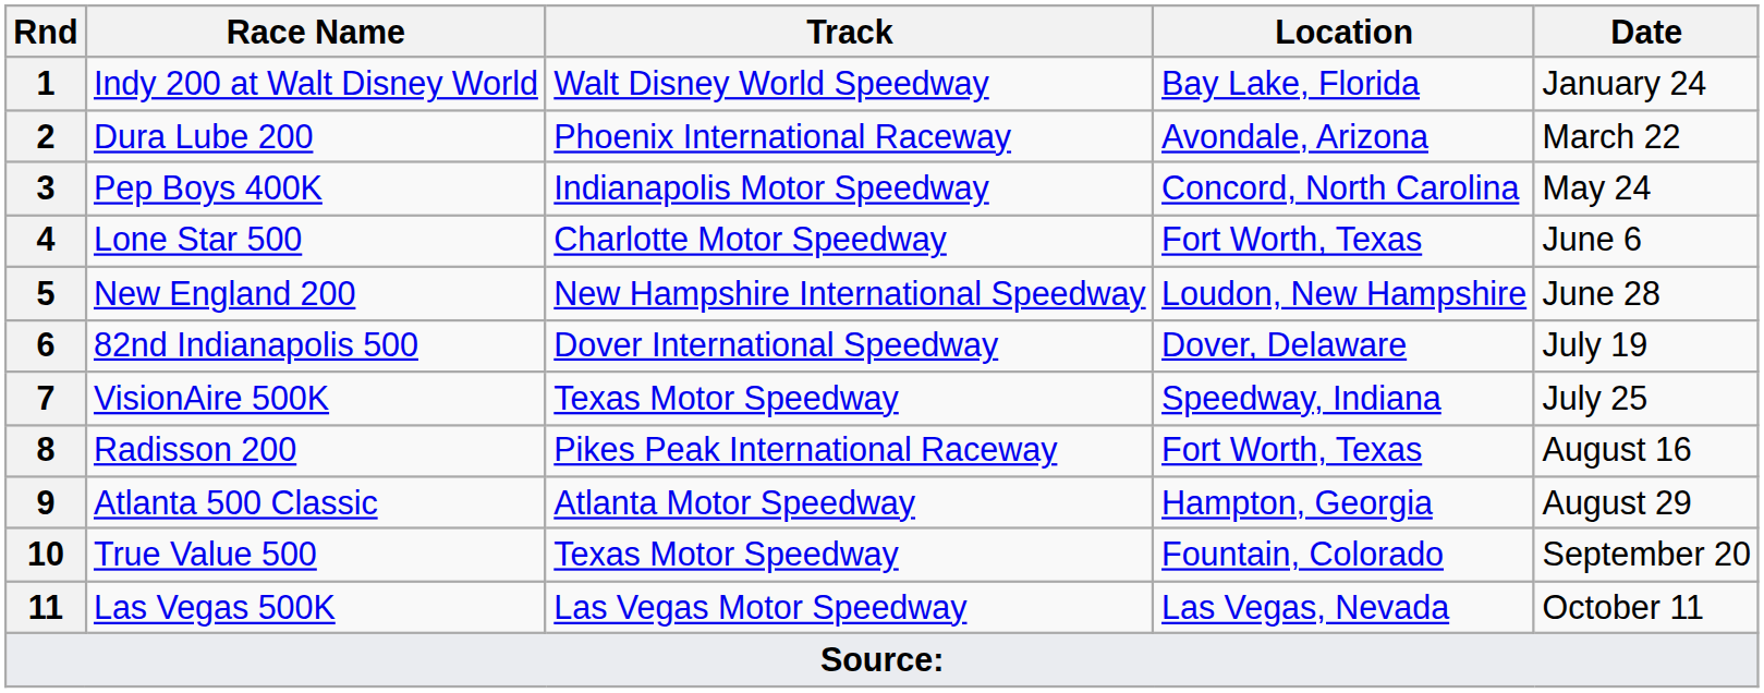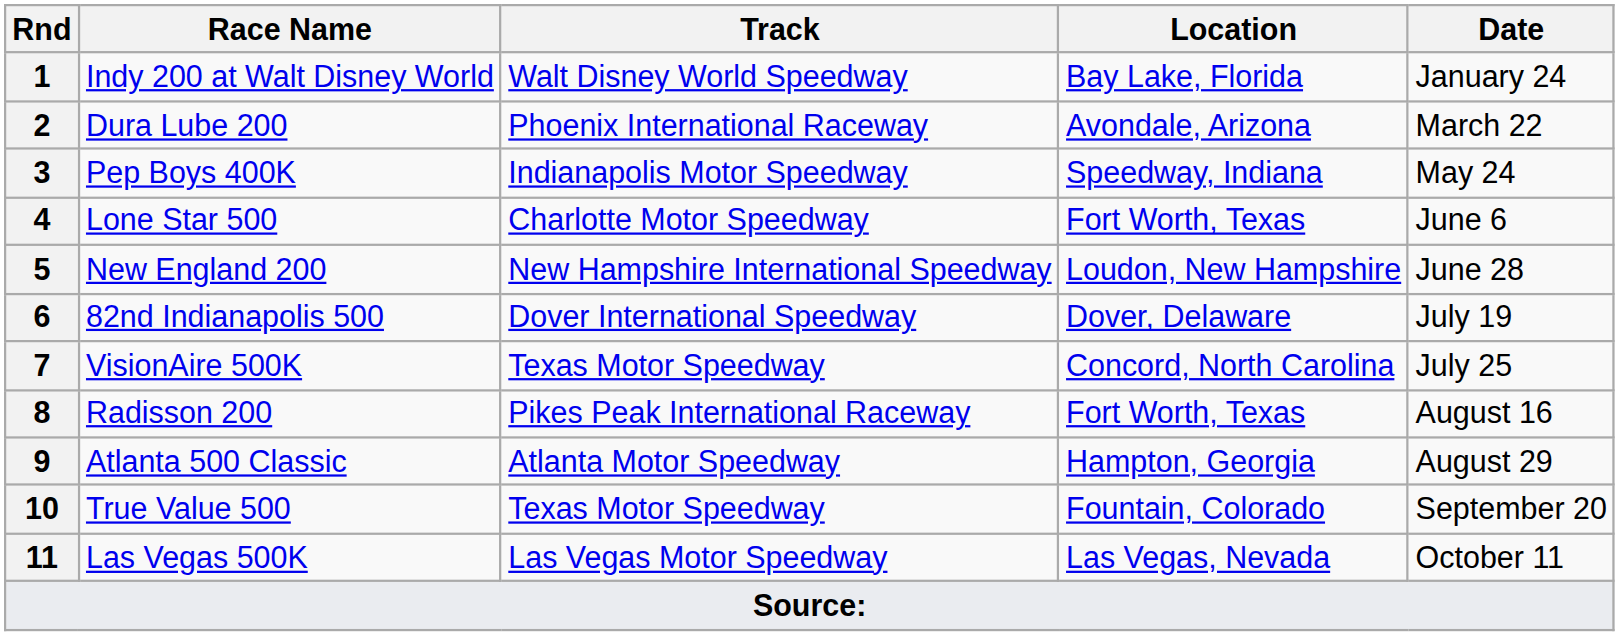 <table class="wikitable" style="font-size: 85%">
 <tr>
 <th>Rnd</th>
 <th>Race Name</th>
 <th>Track</th>
 <th>Location</th>
 <th>Date</th>
 </tr>
 <tr>
 <th>1</th>
 <td><a href='#'>Indy 200 at Walt Disney World</a></td>
 <td><a href='#'>Walt Disney World Speedway</a></td>
 <td><a href='#'>Bay Lake, Florida</a></td>
 <td>January 24</td>
 </tr>
 <tr>
 <th>2</th>
 <td><a href='#'>Dura Lube 200</a></td>
 <td><a href='#'>Phoenix International Raceway</a></td>
 <td><a href='#'>Avondale, Arizona</a></td>
 <td>March 22</td>
 </tr>
 <tr>
 <th>3</th>
 <td><a href='#'>Pep Boys 400K</a></td>
 <td><a href='#'>Indianapolis Motor Speedway</a></td>
-<td><a href='#'>Concord, North Carolina</a></td>
+<td><a href='#'>Speedway, Indiana</a></td>
 <td>May 24</td>
 </tr>
 <tr>
 <th>4</th>
 <td><a href='#'>Lone Star 500</a></td>
 <td><a href='#'>Charlotte Motor Speedway</a></td>
 <td><a href='#'>Fort Worth, Texas</a></td>
 <td>June 6</td>
 </tr>
 <tr>
 <th>5</th>
 <td><a href='#'>New England 200</a></td>
 <td><a href='#'>New Hampshire International Speedway</a></td>
 <td><a href='#'>Loudon, New Hampshire</a></td>
 <td>June 28</td>
 </tr>
 <tr>
 <th>6</th>
 <td><a href='#'>82nd Indianapolis 500</a></td>
 <td><a href='#'>Dover International Speedway</a></td>
 <td><a href='#'>Dover, Delaware</a></td>
 <td>July 19</td>
 </tr>
 <tr>
 <th>7</th>
 <td><a href='#'>VisionAire 500K</a></td>
 <td><a href='#'>Texas Motor Speedway</a></td>
-<td><a href='#'>Speedway, Indiana</a></td>
+<td><a href='#'>Concord, North Carolina</a></td>
 <td>July 25</td>
 </tr>
 <tr>
 <th>8</th>
 <td><a href='#'>Radisson 200</a></td>
 <td><a href='#'>Pikes Peak International Raceway</a></td>
 <td><a href='#'>Fort Worth, Texas</a></td>
 <td>August 16</td>
 </tr>
 <tr>
 <th>9</th>
 <td><a href='#'>Atlanta 500 Classic</a></td>
 <td><a href='#'>Atlanta Motor Speedway</a></td>
 <td><a href='#'>Hampton, Georgia</a></td>
 <td>August 29</td>
 </tr>
 <tr>
 <th>10</th>
 <td><a href='#'>True Value 500</a></td>
 <td><a href='#'>Texas Motor Speedway</a></td>
 <td><a href='#'>Fountain, Colorado</a></td>
 <td>September 20</td>
 </tr>
 <tr>
 <th>11</th>
 <td><a href='#'>Las Vegas 500K</a></td>
 <td><a href='#'>Las Vegas Motor Speedway</a></td>
 <td><a href='#'>Las Vegas, Nevada</a></td>
 <td>October 11</td>
 </tr>
 <tr>
 <td colspan="5" style="background-color:#EAECF0;text-align:center" align="bottom"><strong>Source:</strong></td>
 </tr>
 </table>
